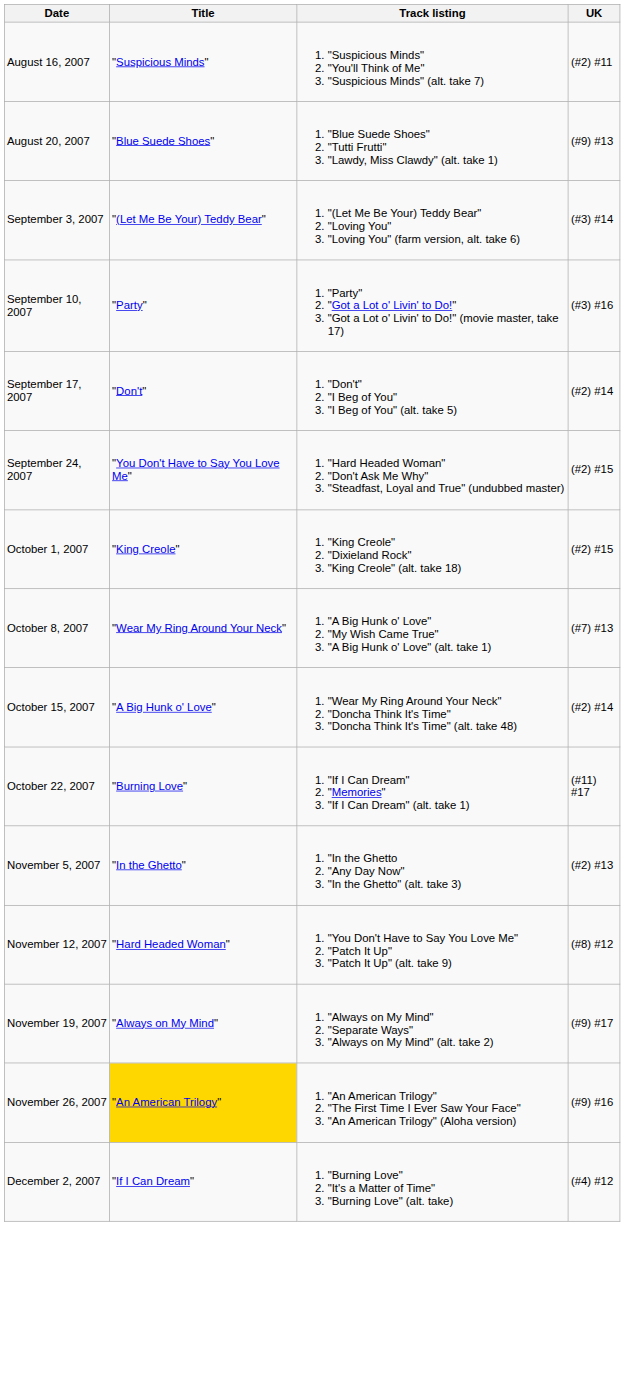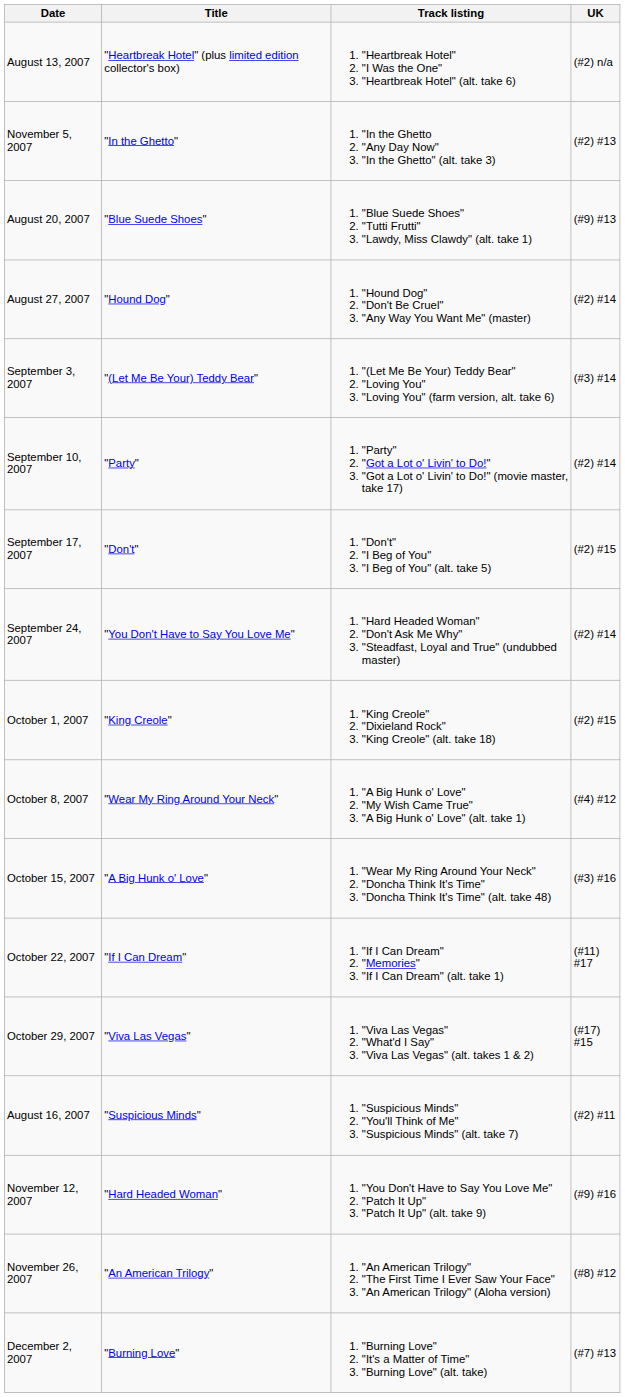 <table class="wikitable">
 <tr>
 <th>Date</th>
 <th>Title</th>
 <th>Track listing</th>
 <th>UK</th>
 </tr>
 <tr>
-<td>August 16, 2007</td>
-<td>"<a href='#'>Suspicious Minds</a>"</td>
-<td><br><ol><li>"Suspicious Minds"</li><li>"You'll Think of Me"</li><li>"Suspicious Minds" (alt. take 7)</li></ol></td>
-<td>(#2) #11</td>
+<td>August 13, 2007</td>
+<td>"<a href='#'>Heartbreak Hotel</a>" (plus <a href='#'>limited edition</a> collector's box)</td>
+<td><br><ol><li>"Heartbreak Hotel"</li><li>"I Was the One"</li><li>"Heartbreak Hotel" (alt. take 6)</li></ol></td>
+<td>(#2) n/a</td>
+</tr>
+<tr>
+<td>November 5, 2007</td>
+<td>"<a href='#'>In the Ghetto</a>"</td>
+<td><br><ol><li>"In the Ghetto</li><li>"Any Day Now"</li><li>"In the Ghetto" (alt. take 3)</li></ol></td>
+<td>(#2) #13</td>
 </tr>
 <tr>
 <td>August 20, 2007</td>
 <td>"<a href='#'>Blue Suede Shoes</a>"</td>
 <td><br><ol><li>"Blue Suede Shoes"</li><li>"Tutti Frutti"</li><li>"Lawdy, Miss Clawdy" (alt. take 1)</li></ol></td>
 <td>(#9) #13</td>
+</tr>
+<tr>
+<td>August 27, 2007</td>
+<td>"<a href='#'>Hound Dog</a>"</td>
+<td><br><ol><li>"Hound Dog"</li><li>"Don't Be Cruel"</li><li>"Any Way You Want Me" (master)</li></ol></td>
+<td>(#2) #14</td>
 </tr>
 <tr>
 <td>September 3, 2007</td>
 <td>"<a href='#'>(Let Me Be Your) Teddy Bear</a>"</td>
 <td><br><ol><li>"(Let Me Be Your) Teddy Bear"</li><li>"Loving You"</li><li>"Loving You" (farm version, alt. take 6)</li></ol></td>
 <td>(#3) #14</td>
 </tr>
 <tr>
 <td>September 10, 2007</td>
 <td>"<a href='#'>Party</a>"</td>
 <td><br><ol><li>"Party"</li><li>"<a href='#'>Got a Lot o' Livin' to Do!</a>"</li><li>"Got a Lot o' Livin' to Do!" (movie master, take 17)</li></ol></td>
-<td>(#3) #16</td>
+<td>(#2) #14</td>
 </tr>
 <tr>
 <td>September 17, 2007</td>
 <td>"<a href='#'>Don't</a>"</td>
 <td><br><ol><li>"Don't"</li><li>"I Beg of You"</li><li>"I Beg of You" (alt. take 5)</li></ol></td>
-<td>(#2) #14</td>
+<td>(#2) #15</td>
 </tr>
 <tr>
 <td>September 24, 2007</td>
 <td>"<a href='#'>You Don't Have to Say You Love Me</a>"</td>
 <td><br><ol><li>"Hard Headed Woman"</li><li>"Don't Ask Me Why"</li><li>"Steadfast, Loyal and True" (undubbed master)</li></ol></td>
-<td>(#2) #15</td>
+<td>(#2) #14</td>
 </tr>
 <tr>
 <td>October 1, 2007</td>
 <td>"<a href='#'>King Creole</a>"</td>
 <td><br><ol><li>"King Creole"</li><li>"Dixieland Rock"</li><li>"King Creole" (alt. take 18)</li></ol></td>
 <td>(#2) #15</td>
 </tr>
 <tr>
 <td>October 8, 2007</td>
 <td>"<a href='#'>Wear My Ring Around Your Neck</a>"</td>
 <td><br><ol><li>"A Big Hunk o' Love"</li><li>"My Wish Came True"</li><li>"A Big Hunk o' Love" (alt. take 1)</li></ol></td>
-<td>(#7) #13</td>
+<td>(#4) #12</td>
 </tr>
 <tr>
 <td>October 15, 2007</td>
 <td>"<a href='#'>A Big Hunk o' Love</a>"</td>
 <td><br><ol><li>"Wear My Ring Around Your Neck"</li><li>"Doncha Think It's Time"</li><li>"Doncha Think It's Time" (alt. take 48)</li></ol></td>
-<td>(#2) #14</td>
+<td>(#3) #16</td>
 </tr>
 <tr>
 <td>October 22, 2007</td>
-<td>"<a href='#'>Burning Love</a>"</td>
+<td>"<a href='#'>If I Can Dream</a>"</td>
 <td><br><ol><li>"If I Can Dream"</li><li>"<a href='#'>Memories</a>"</li><li>"If I Can Dream" (alt. take 1)</li></ol></td>
 <td>(#11) #17</td>
 </tr>
 <tr>
-<td>November 5, 2007</td>
-<td>"<a href='#'>In the Ghetto</a>"</td>
-<td><br><ol><li>"In the Ghetto</li><li>"Any Day Now"</li><li>"In the Ghetto" (alt. take 3)</li></ol></td>
-<td>(#2) #13</td>
+<td>October 29, 2007</td>
+<td>"<a href='#'>Viva Las Vegas</a>"</td>
+<td><br><ol><li>"Viva Las Vegas"</li><li>"What'd I Say"</li><li>"Viva Las Vegas" (alt. takes 1 & 2)</li></ol></td>
+<td>(#17) #15</td>
+</tr>
+<tr>
+<td>August 16, 2007</td>
+<td>"<a href='#'>Suspicious Minds</a>"</td>
+<td><br><ol><li>"Suspicious Minds"</li><li>"You'll Think of Me"</li><li>"Suspicious Minds" (alt. take 7)</li></ol></td>
+<td>(#2) #11</td>
 </tr>
 <tr>
 <td>November 12, 2007</td>
 <td>"<a href='#'>Hard Headed Woman</a>"</td>
 <td><br><ol><li>"You Don't Have to Say You Love Me"</li><li>"Patch It Up"</li><li>"Patch It Up" (alt. take 9)</li></ol></td>
+<td>(#9) #16</td>
+</tr>
+<tr>
+<td>November 26, 2007</td>
+<td>"<a href='#'>An American Trilogy</a>"</td>
+<td><br><ol><li>"An American Trilogy"</li><li>"The First Time I Ever Saw Your Face"</li><li>"An American Trilogy" (Aloha version)</li></ol></td>
 <td>(#8) #12</td>
 </tr>
 <tr>
-<td>November 19, 2007</td>
-<td>"<a href='#'>Always on My Mind</a>"</td>
-<td><br><ol><li>"Always on My Mind"</li><li>"Separate Ways"</li><li>"Always on My Mind" (alt. take 2)</li></ol></td>
-<td>(#9) #17</td>
-</tr>
-<tr>
-<td>November 26, 2007</td>
-<td style="background: gold;">"<a href='#'>An American Trilogy</a>"</td>
-<td><br><ol><li>"An American Trilogy"</li><li>"The First Time I Ever Saw Your Face"</li><li>"An American Trilogy" (Aloha version)</li></ol></td>
-<td>(#9) #16</td>
-</tr>
-<tr>
 <td>December 2, 2007</td>
-<td>"<a href='#'>If I Can Dream</a>"</td>
+<td>"<a href='#'>Burning Love</a>"</td>
 <td><br><ol><li>"Burning Love"</li><li>"It's a Matter of Time"</li><li>"Burning Love" (alt. take)</li></ol></td>
-<td>(#4) #12</td>
+<td>(#7) #13</td>
 </tr>
 </table>
